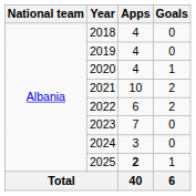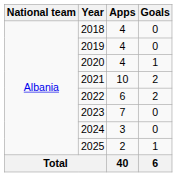 <table class="wikitable" style="text-align:center">
 <tr>
 <th>National team</th>
 <th>Year</th>
 <th>Apps</th>
 <th>Goals</th>
 </tr>
 <tr>
 <td rowspan="8"><a href='#'>Albania</a></td>
 <td>2018</td>
 <td>4</td>
 <td>0</td>
 </tr>
 <tr>
 <td>2019</td>
 <td>4</td>
 <td>0</td>
 </tr>
 <tr>
 <td>2020</td>
 <td>4</td>
 <td>1</td>
 </tr>
 <tr>
 <td>2021</td>
 <td>10</td>
 <td>2</td>
 </tr>
 <tr>
 <td>2022</td>
 <td>6</td>
 <td>2</td>
 </tr>
 <tr>
 <td>2023</td>
 <td>7</td>
 <td>0</td>
 </tr>
 <tr>
 <td>2024</td>
 <td>3</td>
 <td>0</td>
 </tr>
 <tr>
 <td>2025</td>
-<td><strong>2</strong></td>
+<td>2</td>
 <td>1</td>
 </tr>
 <tr>
 <th colspan="2">Total</th>
 <th>40</th>
 <th>6</th>
 </tr>
 </table>
